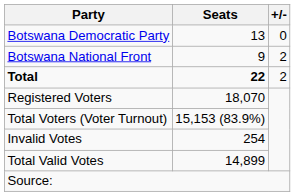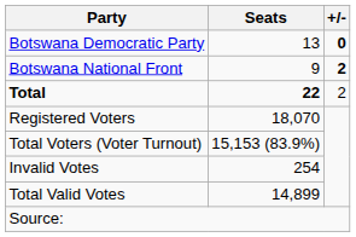 <table class=wikitable style=text-align:right>
 <tr>
 <th>Party</th>
 <th>Seats</th>
 <th>+/-</th>
 </tr>
 <tr>
 <td align=left><a href='#'>Botswana Democratic Party</a></td>
 <td>13</td>
-<td>0</td>
+<td><strong>0</strong></td>
 </tr>
 <tr>
 <td align=left><a href='#'>Botswana National Front</a></td>
 <td>9</td>
-<td>2</td>
+<td><strong>2</strong></td>
 </tr>
 <tr>
 <td align=left><strong>Total</strong></td>
 <td><strong>22</strong></td>
 <td>2</td>
 </tr>
 <tr>
 <td align=left>Registered Voters</td>
 <td>18,070</td>
 </tr>
 <tr>
 <td align=left>Total Voters (Voter Turnout)</td>
 <td>15,153 (83.9%)</td>
 </tr>
 <tr>
 <td align=left>Invalid Votes</td>
 <td>254</td>
 </tr>
 <tr>
 <td align=left>Total Valid Votes</td>
 <td>14,899</td>
 </tr>
 <tr>
 <td colspan=4 align=left>Source: </td>
 </tr>
 </table>
